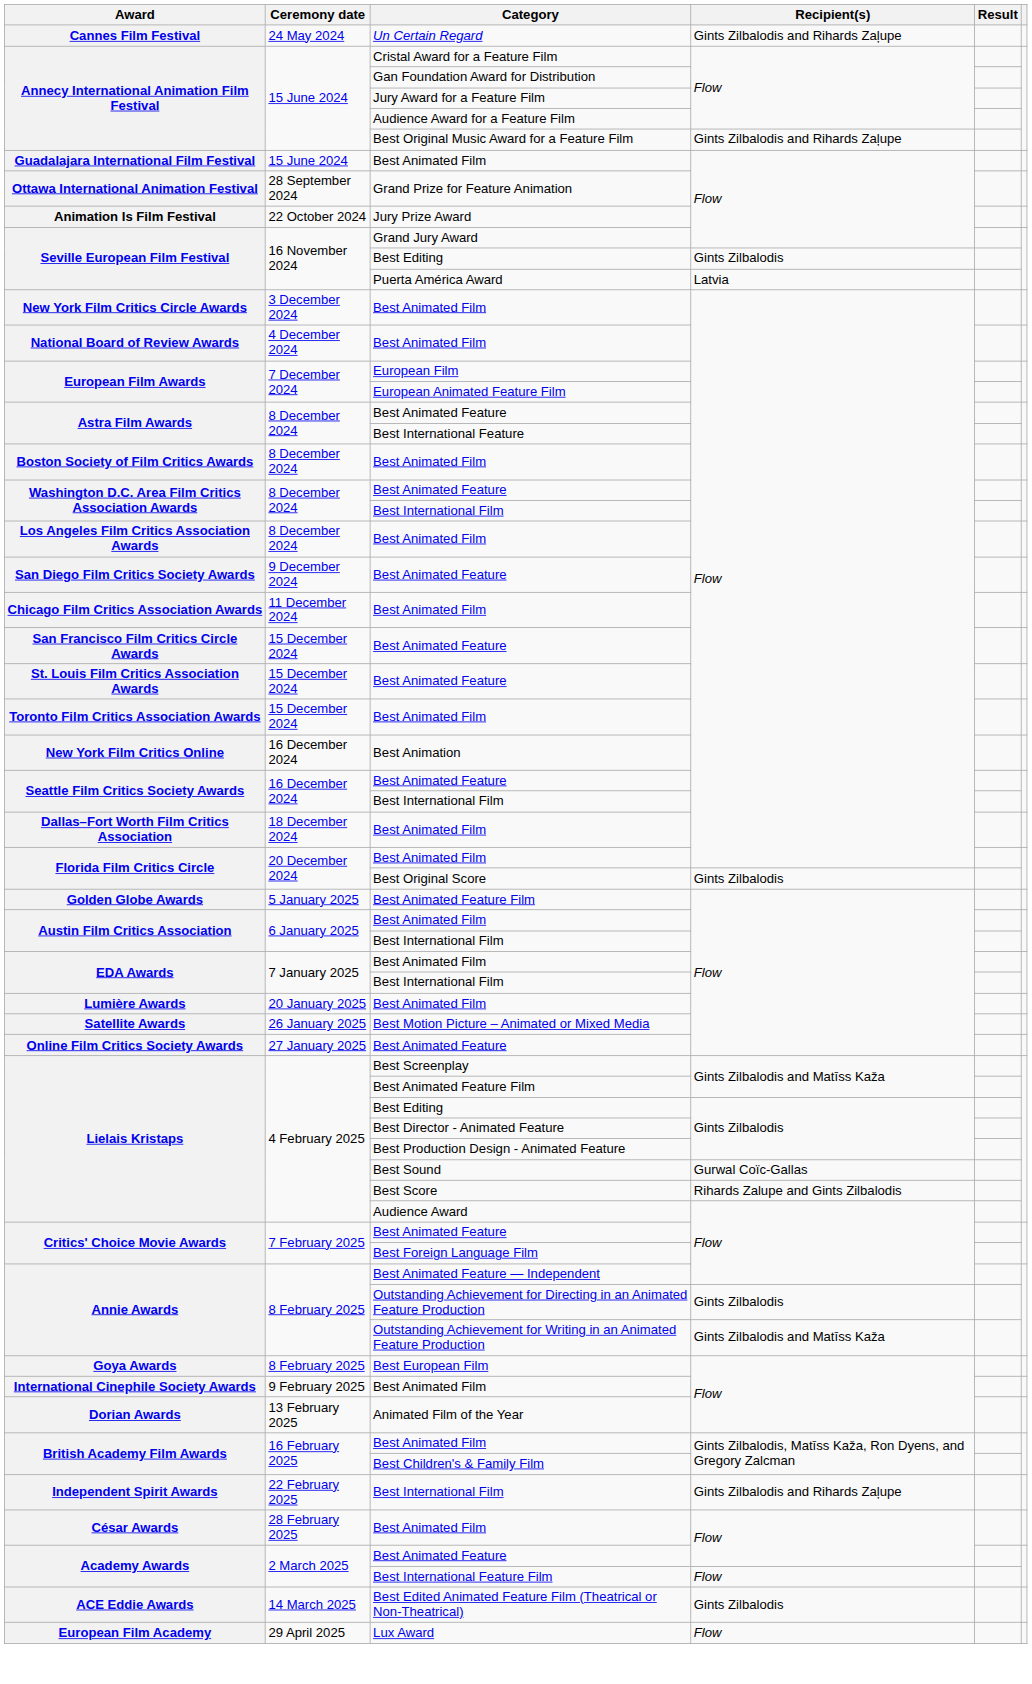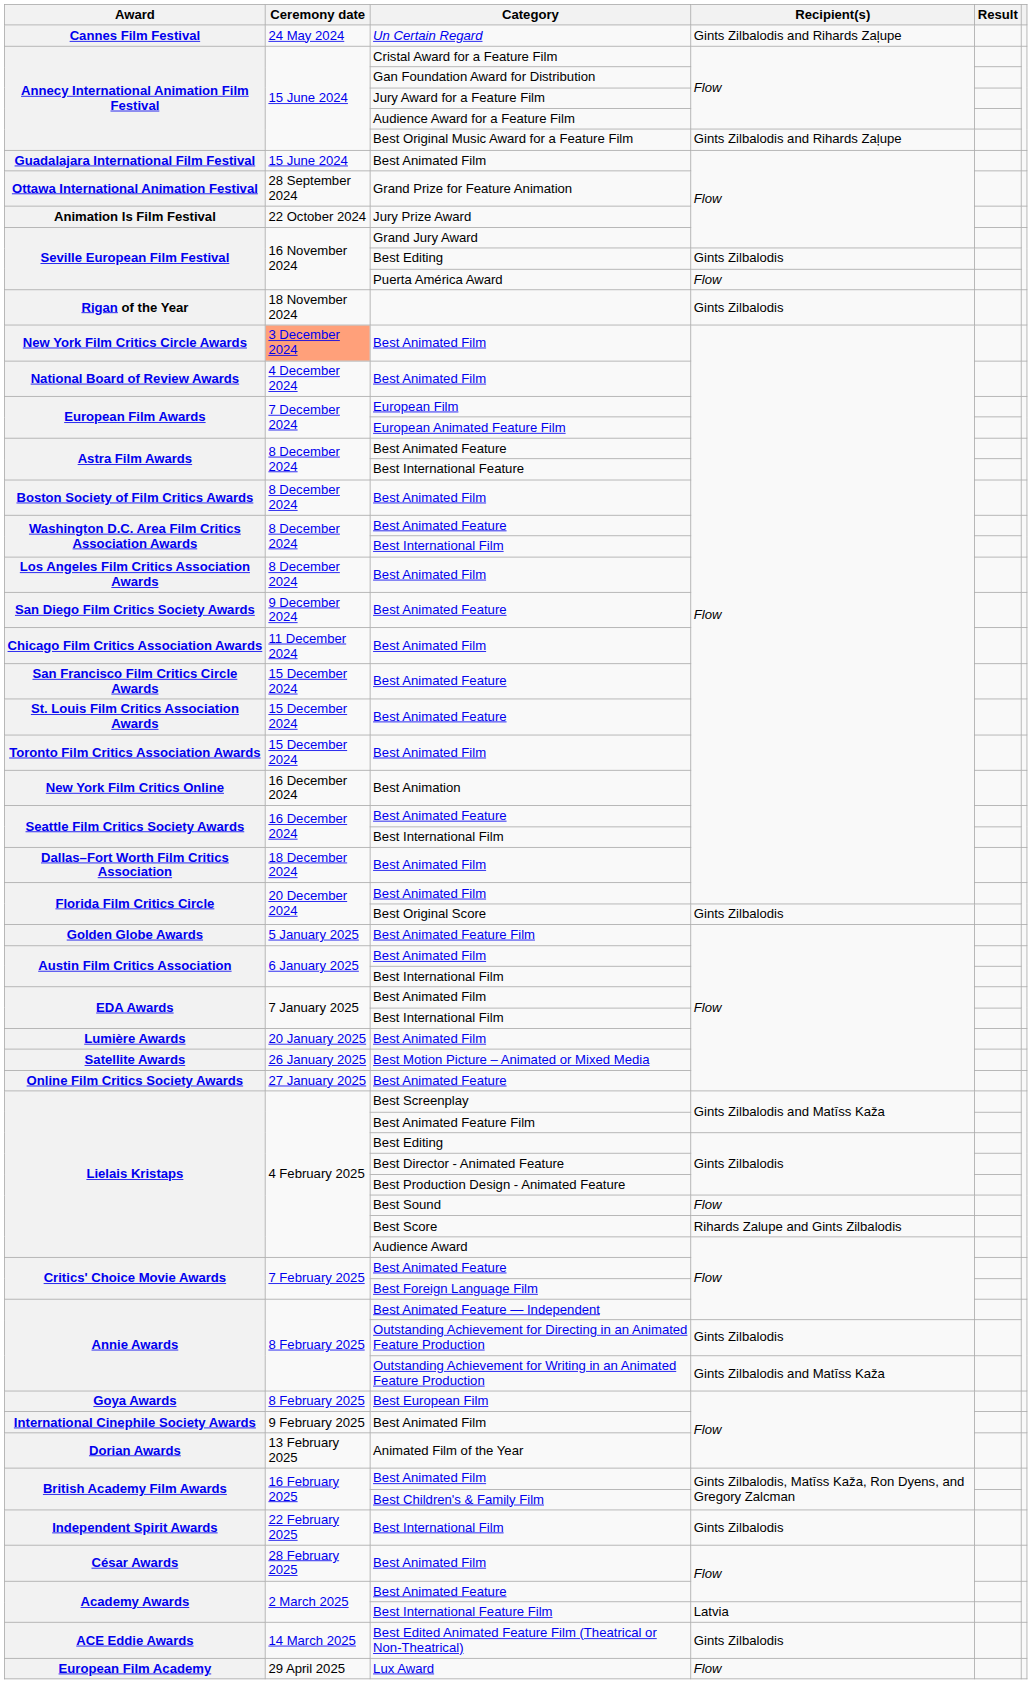 <table class="wikitable sortable plainrowheaders">
 <tr>
 <th scope="col">Award</th>
 <th scope="col">Ceremony date</th>
 <th scope="col">Category</th>
 <th scope="col">Recipient(s)</th>
 <th scope="col">Result</th>
 <th scope="col" class="unsortable"></th>
 </tr>
 <tr>
 <th scope="row"><a href='#'>Cannes Film Festival</a></th>
 <td><a href='#'>24 May 2024</a></td>
 <td><em><a href='#'>Un Certain Regard</a></em></td>
 <td>Gints Zilbalodis and Rihards Zaļupe</td>
 <td></td>
 <td align="center"></td>
 </tr>
 <tr>
 <th rowspan="5" scope="row"><a href='#'>Annecy International Animation Film Festival</a></th>
 <td rowspan="5"><a href='#'>15 June 2024</a></td>
 <td>Cristal Award for a Feature Film</td>
 <td rowspan="4"><em>Flow</em></td>
 <td></td>
 <td rowspan="5" align="center"></td>
 </tr>
 <tr>
 <td>Gan Foundation Award for Distribution</td>
 <td></td>
 </tr>
 <tr>
 <td>Jury Award for a Feature Film</td>
 <td></td>
 </tr>
 <tr>
 <td>Audience Award for a Feature Film</td>
 <td></td>
 </tr>
 <tr>
 <td>Best Original Music Award for a Feature Film</td>
 <td>Gints Zilbalodis and Rihards Zaļupe</td>
 <td></td>
 </tr>
 <tr>
 <th scope="row"><a href='#'>Guadalajara International Film Festival</a></th>
 <td><a href='#'>15 June 2024</a></td>
 <td>Best Animated Film</td>
 <td rowspan="4"><em>Flow</em></td>
 <td></td>
 <td align="center"></td>
 </tr>
 <tr>
 <th scope="row"><a href='#'>Ottawa International Animation Festival</a></th>
 <td>28 September 2024</td>
 <td>Grand Prize for Feature Animation</td>
 <td></td>
 <td align="center"></td>
 </tr>
 <tr>
 <th scope="row">Animation Is Film Festival</th>
 <td>22 October 2024</td>
 <td>Jury Prize Award</td>
 <td></td>
 <td align="center"></td>
 </tr>
 <tr>
 <th rowspan="3" scope="row"><a href='#'>Seville European Film Festival</a></th>
 <td rowspan="3">16 November 2024</td>
 <td>Grand Jury Award</td>
 <td></td>
 <td rowspan="3" style="text-align:center;"></td>
 </tr>
 <tr>
 <td>Best Editing</td>
 <td>Gints Zilbalodis</td>
 <td></td>
 </tr>
 <tr>
 <td>Puerta América Award</td>
-<td>Latvia</td>
+<td><em>Flow</em></td>
 <td></td>
 </tr>
 <tr>
+<th scope="row"><a href='#'>Rigan</a> of the Year</th>
+<td>18 November 2024</td>
+<td></td>
+<td>Gints Zilbalodis</td>
+<td></td>
+<td align="center"></td>
+</tr>
+<tr>
 <th scope="row"><a href='#'>New York Film Critics Circle Awards</a></th>
-<td><a href='#'>3 December 2024</a></td>
+<td style="background: lightsalmon;"><a href='#'>3 December 2024</a></td>
 <td><a href='#'>Best Animated Film</a></td>
 <td rowspan="20"><em>Flow</em></td>
 <td></td>
 <td style="text-align:center;"></td>
 </tr>
 <tr>
 <th scope="row"><a href='#'>National Board of Review Awards</a></th>
 <td><a href='#'>4 December 2024</a></td>
 <td><a href='#'>Best Animated Film</a></td>
 <td></td>
 <td align="center"></td>
 </tr>
 <tr>
 <th rowspan="2" scope="row"><a href='#'>European Film Awards</a></th>
 <td rowspan="2"><a href='#'>7 December 2024</a></td>
 <td><a href='#'>European Film</a></td>
 <td></td>
 <td rowspan="2" style="text-align:center;"></td>
 </tr>
 <tr>
 <td><a href='#'>European Animated Feature Film</a></td>
 <td></td>
 </tr>
 <tr>
 <th rowspan="2" scope="row"><a href='#'>Astra Film Awards</a></th>
 <td rowspan="2"><a href='#'>8 December 2024</a></td>
 <td>Best Animated Feature</td>
 <td></td>
 <td rowspan="2" style="text-align:center;"></td>
 </tr>
 <tr>
 <td>Best International Feature</td>
 <td></td>
 </tr>
 <tr>
 <th scope="row"><a href='#'>Boston Society of Film Critics Awards</a></th>
 <td><a href='#'>8 December 2024</a></td>
 <td><a href='#'>Best Animated Film</a></td>
 <td></td>
 <td style="text-align:center;"></td>
 </tr>
 <tr>
 <th rowspan="2" scope="row"><a href='#'>Washington D.C. Area Film Critics Association Awards</a></th>
 <td rowspan="2"><a href='#'>8 December 2024</a></td>
 <td><a href='#'>Best Animated Feature</a></td>
 <td></td>
 <td rowspan="2" style="text-align:center;"></td>
 </tr>
 <tr>
 <td><a href='#'>Best International Film</a></td>
 <td></td>
 </tr>
 <tr>
 <th scope="row"><a href='#'>Los Angeles Film Critics Association Awards</a></th>
 <td><a href='#'>8 December 2024</a></td>
 <td><a href='#'>Best Animated Film</a></td>
 <td></td>
 <td style="text-align:center;"></td>
 </tr>
 <tr>
 <th scope="row"><a href='#'>San Diego Film Critics Society Awards</a></th>
 <td><a href='#'>9 December 2024</a></td>
 <td><a href='#'>Best Animated Feature</a></td>
 <td></td>
 <td style="text-align:center;"></td>
 </tr>
 <tr>
 <th scope="row"><a href='#'>Chicago Film Critics Association Awards</a></th>
 <td><a href='#'>11 December 2024</a></td>
 <td><a href='#'>Best Animated Film</a></td>
 <td></td>
 <td style="text-align:center;"></td>
 </tr>
 <tr>
 <th scope="row"><a href='#'>San Francisco Film Critics Circle Awards</a></th>
 <td><a href='#'>15 December 2024</a></td>
 <td><a href='#'>Best Animated Feature</a></td>
 <td></td>
 <td style="text-align:center;"></td>
 </tr>
 <tr>
 <th scope="row"><a href='#'>St. Louis Film Critics Association Awards</a></th>
 <td><a href='#'>15 December 2024</a></td>
 <td><a href='#'>Best Animated Feature</a></td>
 <td></td>
 <td style="text-align:center;"></td>
 </tr>
 <tr>
 <th scope="row"><a href='#'>Toronto Film Critics Association Awards</a></th>
 <td><a href='#'>15 December 2024</a></td>
 <td><a href='#'>Best Animated Film</a></td>
 <td></td>
 <td style="text-align:center;"></td>
 </tr>
 <tr>
 <th scope="row"><a href='#'>New York Film Critics Online</a></th>
 <td>16 December 2024</td>
 <td>Best Animation</td>
 <td></td>
 <td style="text-align:center;"></td>
 </tr>
 <tr>
 <th rowspan="2" scope="row"><a href='#'>Seattle Film Critics Society Awards</a></th>
 <td rowspan="2"><a href='#'>16 December 2024</a></td>
 <td><a href='#'>Best Animated Feature</a></td>
 <td></td>
 <td rowspan="2" style="text-align:center;"></td>
 </tr>
 <tr>
 <td>Best International Film</td>
 <td></td>
 </tr>
 <tr>
 <th scope="row"><a href='#'>Dallas–Fort Worth Film Critics Association</a></th>
 <td><a href='#'>18 December 2024</a></td>
 <td><a href='#'>Best Animated Film</a></td>
 <td></td>
 <td style="text-align:center;"></td>
 </tr>
 <tr>
 <th rowspan="2" scope="row"><a href='#'>Florida Film Critics Circle</a></th>
 <td rowspan="2"><a href='#'>20 December 2024</a></td>
 <td><a href='#'>Best Animated Film</a></td>
 <td></td>
 <td rowspan="2" style="text-align:center;"></td>
 </tr>
 <tr>
 <td>Best Original Score</td>
 <td>Gints Zilbalodis</td>
 <td></td>
 </tr>
 <tr>
 <th scope="row"><a href='#'>Golden Globe Awards</a></th>
 <td><a href='#'>5 January 2025</a></td>
 <td><a href='#'>Best Animated Feature Film</a></td>
 <td rowspan="8"><em>Flow</em></td>
 <td></td>
 <td style="text-align:center;"></td>
 </tr>
 <tr>
 <th rowspan="2" scope="row"><a href='#'>Austin Film Critics Association</a></th>
 <td rowspan="2"><a href='#'>6 January 2025</a></td>
 <td><a href='#'>Best Animated Film</a></td>
 <td></td>
 <td rowspan="2" style="text-align:center;"></td>
 </tr>
 <tr>
 <td>Best International Film</td>
 <td></td>
 </tr>
 <tr>
 <th rowspan="2" scope="row"><a href='#'>EDA Awards</a></th>
 <td rowspan="2">7 January 2025</td>
 <td>Best Animated Film</td>
 <td></td>
 <td rowspan="2" style="text-align:center;"></td>
 </tr>
 <tr>
 <td>Best International Film</td>
 <td></td>
 </tr>
 <tr>
 <th scope="row"><a href='#'>Lumière Awards</a></th>
 <td><a href='#'>20 January 2025</a></td>
 <td><a href='#'>Best Animated Film</a></td>
 <td></td>
 <td style="text-align:center;"></td>
 </tr>
 <tr>
 <th scope="row"><a href='#'>Satellite Awards</a></th>
 <td><a href='#'>26 January 2025</a></td>
 <td><a href='#'>Best Motion Picture – Animated or Mixed Media</a></td>
 <td></td>
 <td align="center"></td>
 </tr>
 <tr>
 <th scope="row"><a href='#'>Online Film Critics Society Awards</a></th>
 <td><a href='#'>27 January 2025</a></td>
 <td><a href='#'>Best Animated Feature</a></td>
 <td></td>
 <td align="center"></td>
 </tr>
 <tr>
 <th rowspan="8" scope="row"><a href='#'>Lielais Kristaps</a></th>
 <td rowspan="8">4 February 2025</td>
 <td>Best Screenplay</td>
 <td rowspan="2">Gints Zilbalodis and Matīss Kaža</td>
 <td></td>
 <td rowspan="8" style="text-align:center;"></td>
 </tr>
 <tr>
 <td>Best Animated Feature Film</td>
 <td></td>
 </tr>
 <tr>
 <td>Best Editing</td>
 <td rowspan="3">Gints Zilbalodis</td>
 <td></td>
 </tr>
 <tr>
 <td>Best Director - Animated Feature</td>
 <td></td>
 </tr>
 <tr>
 <td>Best Production Design - Animated Feature</td>
 <td></td>
 </tr>
 <tr>
 <td>Best Sound</td>
-<td>Gurwal Coïc-Gallas</td>
+<td><em>Flow</em></td>
 <td></td>
 </tr>
 <tr>
 <td>Best Score</td>
 <td>Rihards Zalupe and Gints Zilbalodis</td>
 <td></td>
 </tr>
 <tr>
 <td>Audience Award</td>
 <td rowspan="4"><em>Flow</em></td>
 <td></td>
 </tr>
 <tr>
 <th rowspan="2" scope="row"><a href='#'>Critics' Choice Movie Awards</a></th>
 <td rowspan="2"><a href='#'>7 February 2025</a></td>
 <td><a href='#'>Best Animated Feature</a></td>
 <td></td>
 <td rowspan="2" style="text-align:center;"></td>
 </tr>
 <tr>
 <td><a href='#'>Best Foreign Language Film</a></td>
 <td></td>
 </tr>
 <tr>
 <th rowspan="3" scope="row"><a href='#'>Annie Awards</a></th>
 <td rowspan="3"><a href='#'>8 February 2025</a></td>
 <td><a href='#'>Best Animated Feature — Independent</a></td>
 <td></td>
 <td rowspan="3" style="text-align:center;"></td>
 </tr>
 <tr>
 <td><a href='#'>Outstanding Achievement for Directing in an Animated Feature Production</a></td>
 <td>Gints Zilbalodis</td>
 <td></td>
 </tr>
 <tr>
 <td><a href='#'>Outstanding Achievement for Writing in an Animated Feature Production</a></td>
 <td>Gints Zilbalodis and Matīss Kaža</td>
 <td></td>
 </tr>
 <tr>
 <th scope="row"><a href='#'>Goya Awards</a></th>
 <td><a href='#'>8 February 2025</a></td>
 <td><a href='#'>Best European Film</a></td>
 <td rowspan="3"><em>Flow</em></td>
 <td></td>
 <td style="text-align:center;"></td>
 </tr>
 <tr>
 <th scope="row"><a href='#'>International Cinephile Society Awards</a></th>
 <td>9 February 2025</td>
 <td>Best Animated Film</td>
 <td></td>
 <td style="text-align:center;"></td>
 </tr>
 <tr>
 <th scope="row"><a href='#'>Dorian Awards</a></th>
 <td>13 February 2025</td>
 <td>Animated Film of the Year</td>
 <td></td>
 <td style="text-align:center;"></td>
 </tr>
 <tr>
 <th scope="row" rowspan="2"><a href='#'>British Academy Film Awards</a></th>
 <td scope="row" rowspan="2"><a href='#'>16 February 2025</a></td>
 <td><a href='#'>Best Animated Film</a></td>
 <td rowspan="2">Gints Zilbalodis, Matīss Kaža, Ron Dyens, and Gregory Zalcman</td>
 <td></td>
 <td rowspan= "2" style="text-align:center;"></td>
 </tr>
 <tr>
 <td><a href='#'>Best Children's & Family Film</a></td>
 <td></td>
 </tr>
 <tr>
 <th scope="row"><a href='#'>Independent Spirit Awards</a></th>
 <td><a href='#'>22 February 2025</a></td>
 <td><a href='#'>Best International Film</a></td>
-<td>Gints Zilbalodis and Rihards Zaļupe</td>
+<td>Gints Zilbalodis</td>
 <td></td>
 <td style="text-align:center;"></td>
 </tr>
 <tr>
 <th scope="row"><a href='#'>César Awards</a></th>
 <td><a href='#'>28 February 2025</a></td>
 <td><a href='#'>Best Animated Film</a></td>
 <td rowspan="2"><em>Flow</em></td>
 <td></td>
 <td style="text-align:center;"></td>
 </tr>
 <tr>
 <th scope="row" rowspan="2"><a href='#'>Academy Awards</a></th>
 <td scope="row" rowspan="2"><a href='#'>2 March 2025</a></td>
 <td><a href='#'>Best Animated Feature</a></td>
 <td></td>
 <td rowspan="2" style="text-align:center;"></td>
 </tr>
 <tr>
 <td><a href='#'>Best International Feature Film</a></td>
-<td><em>Flow</em></td>
+<td>Latvia</td>
 <td></td>
 </tr>
 <tr>
 <th scope="row"><a href='#'>ACE Eddie Awards</a></th>
 <td><a href='#'>14 March 2025</a></td>
 <td><a href='#'>Best Edited Animated Feature Film (Theatrical or Non-Theatrical)</a></td>
 <td>Gints Zilbalodis</td>
 <td></td>
 <td style="text-align:center;"></td>
 </tr>
 <tr>
 <th scope="row"><a href='#'>European Film Academy</a></th>
 <td>29 April 2025</td>
 <td><a href='#'>Lux Award</a></td>
 <td><em>Flow</em></td>
 <td></td>
 <td style="text-align:center;"></td>
 </tr>
 </table>
